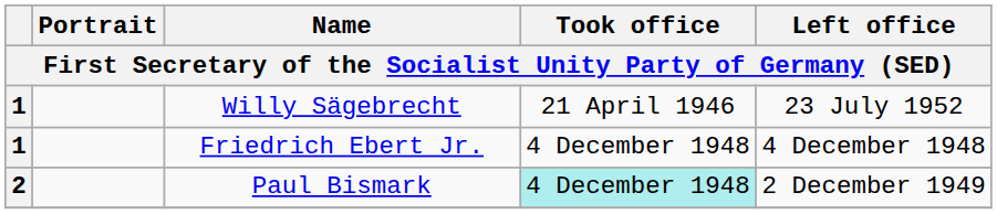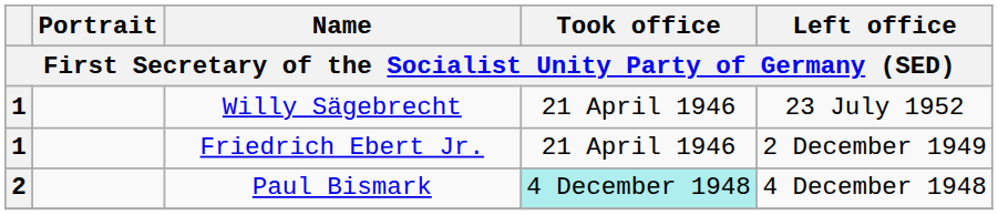 <table class="wikitable" style="text-align:center">
 <tr>
 <th></th>
 <th>Portrait</th>
 <th width=180>Name<br></th>
 <th>Took office</th>
 <th>Left office</th>
 </tr>
 <tr>
 <th colspan=5>First Secretary of the <a href='#'>Socialist Unity Party of Germany</a> (SED)</th>
 </tr>
 <tr>
 <th style="background:">1</th>
 <td></td>
 <td><a href='#'>Willy Sägebrecht</a><br></td>
 <td>21 April 1946</td>
 <td>23 July 1952</td>
 </tr>
 <tr>
 <th style="background:">1</th>
 <td></td>
 <td><a href='#'>Friedrich Ebert Jr.</a><br></td>
-<td>4 December 1948</td>
-<td>4 December 1948</td>
+<td>21 April 1946</td>
+<td>2 December 1949</td>
 </tr>
 <tr>
 <th style="background:">2</th>
 <td></td>
 <td><a href='#'>Paul Bismark</a><br></td>
 <td style="background: paleturquoise;">4 December 1948</td>
-<td>2 December 1949</td>
+<td>4 December 1948</td>
 </tr>
 <tr>
 </tr>
 </table>
